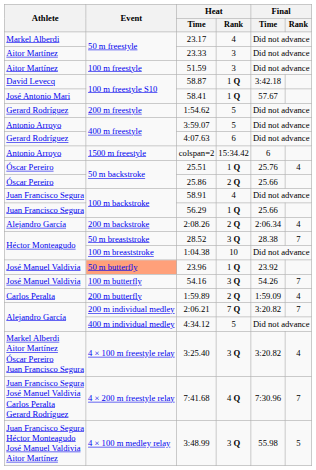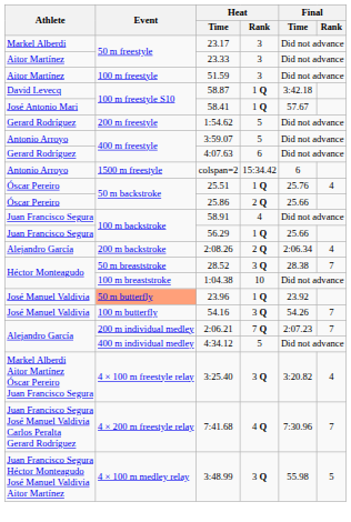 <table class=wikitable style="font-size:90%">
 <tr>
 <th rowspan="2">Athlete</th>
 <th rowspan="2">Event</th>
 <th colspan="2">Heat</th>
 <th colspan="2">Final</th>
 </tr>
 <tr style="font-size:95%">
 <th>Time</th>
 <th>Rank</th>
 <th>Time</th>
 <th>Rank</th>
 </tr>
 <tr align=center>
 <td align=left><a href='#'>Markel Alberdi</a></td>
 <td align=left rowspan=2><a href='#'>50 m freestyle</a></td>
 <td>23.17</td>
-<td>4</td>
+<td>3</td>
 <td colspan=2>Did not advance</td>
 </tr>
 <tr align=center>
 <td align=left><a href='#'>Aitor Martínez</a></td>
 <td>23.33</td>
 <td>3</td>
 <td colspan=2>Did not advance</td>
 </tr>
 <tr align=center>
 <td align=left><a href='#'>Aitor Martínez</a></td>
 <td align=left><a href='#'>100 m freestyle</a></td>
 <td>51.59</td>
 <td>3</td>
 <td colspan=2>Did not advance</td>
 </tr>
 <tr align=center>
 <td align=left><a href='#'>David Levecq</a></td>
 <td align=left rowspan=2><a href='#'>100 m freestyle S10</a></td>
 <td>58.87</td>
 <td>1 <strong>Q</strong></td>
 <td>3:42.18</td>
 <td></td>
 </tr>
 <tr align=center>
 <td align=left><a href='#'>José Antonio Mari</a></td>
 <td>58.41</td>
 <td>1 <strong>Q</strong></td>
 <td>57.67</td>
 <td></td>
 </tr>
 <tr align=center>
 <td align=left><a href='#'>Gerard Rodríguez</a></td>
 <td align=left><a href='#'>200 m freestyle</a></td>
 <td>1:54.62</td>
 <td>5</td>
 <td colspan=2>Did not advance</td>
 </tr>
 <tr align=center>
 <td align=left><a href='#'>Antonio Arroyo</a></td>
 <td align=left rowspan=2><a href='#'>400 m freestyle</a></td>
 <td>3:59.07</td>
 <td>5</td>
 <td colspan=2>Did not advance</td>
 </tr>
 <tr align=center>
 <td align=left><a href='#'>Gerard Rodríguez</a></td>
 <td>4:07.63</td>
 <td>6</td>
 <td colspan=2>Did not advance</td>
 </tr>
 <tr align=center>
 <td align=left><a href='#'>Antonio Arroyo</a></td>
 <td align=left><a href='#'>1500 m freestyle</a></td>
 <td>colspan=2 </td>
 <td>15:34.42</td>
 <td>6</td>
 </tr>
 <tr align=center>
 <td align=left><a href='#'>Óscar Pereiro</a></td>
 <td align=left rowspan=2><a href='#'>50 m backstroke</a></td>
 <td>25.51</td>
 <td>1 <strong>Q</strong></td>
 <td>25.76</td>
 <td>4</td>
 </tr>
 <tr align=center>
 <td align=left><a href='#'>Óscar Pereiro</a></td>
 <td>25.86</td>
 <td>2 <strong>Q</strong></td>
 <td>25.66</td>
 <td></td>
 </tr>
 <tr align=center>
 <td align=left><a href='#'>Juan Francisco Segura</a></td>
 <td align=left rowspan=2><a href='#'>100 m backstroke</a></td>
 <td>58.91</td>
 <td>4</td>
 <td colspan=2>Did not advance</td>
 </tr>
 <tr align=center>
 <td align=left><a href='#'>Juan Francisco Segura</a></td>
 <td>56.29</td>
 <td>1 <strong>Q</strong></td>
 <td>25.66</td>
 <td></td>
 </tr>
 <tr align=center>
 <td align=left><a href='#'>Alejandro García</a></td>
 <td align=left><a href='#'>200 m backstroke</a></td>
 <td>2:08.26</td>
 <td>2 <strong>Q</strong></td>
 <td>2:06.34</td>
 <td>4</td>
 </tr>
 <tr align=center>
 <td align=left rowspan=2><a href='#'>Héctor Monteagudo</a></td>
 <td align=left><a href='#'>50 m breaststroke</a></td>
 <td>28.52</td>
 <td>3 <strong>Q</strong></td>
 <td>28.38</td>
 <td>7</td>
 </tr>
 <tr align=center>
 <td align=left><a href='#'>100 m breaststroke</a></td>
 <td>1:04.38</td>
 <td>10</td>
 <td colspan=2>Did not advance</td>
 </tr>
 <tr align=center>
 <td align=left><a href='#'>José Manuel Valdivia</a></td>
 <td align=left style="background: lightsalmon;"><a href='#'>50 m butterfly</a></td>
 <td>23.96</td>
 <td>1 <strong>Q</strong></td>
 <td>23.92</td>
 <td></td>
 </tr>
 <tr align=center>
 <td align=left><a href='#'>José Manuel Valdivia</a></td>
 <td align=left><a href='#'>100 m butterfly</a></td>
 <td>54.16</td>
 <td>3 <strong>Q</strong></td>
 <td>54.26</td>
 <td>7</td>
 </tr>
 <tr align=center>
-<td align=left><a href='#'>Carlos Peralta</a></td>
-<td align=left><a href='#'>200 m butterfly</a></td>
-<td>1:59.89</td>
-<td>2 <strong>Q</strong></td>
-<td>1:59.09</td>
-<td>4</td>
-</tr>
-<tr align=center>
 <td align=left rowspan=2><a href='#'>Alejandro García</a></td>
 <td align=left><a href='#'>200 m individual medley</a></td>
 <td>2:06.21</td>
 <td>7 <strong>Q</strong></td>
-<td>3:20.82</td>
+<td>2:07.23</td>
 <td>7</td>
 </tr>
 <tr align=center>
 <td align=left><a href='#'>400 m individual medley</a></td>
 <td>4:34.12</td>
 <td>5</td>
 <td colspan=2>Did not advance</td>
 </tr>
 <tr align=center>
 <td align=left><a href='#'>Markel Alberdi</a><br><a href='#'>Aitor Martínez</a><br><a href='#'>Óscar Pereiro</a><br><a href='#'>Juan Francisco Segura</a></td>
 <td align=left><a href='#'>4 × 100 m freestyle relay</a></td>
 <td>3:25.40</td>
 <td>3 <strong>Q</strong></td>
 <td>3:20.82</td>
 <td>4</td>
 </tr>
 <tr align=center>
 <td align=left><a href='#'>Juan Francisco Segura</a><br><a href='#'>José Manuel Valdivia</a><br><a href='#'>Carlos Peralta</a><br><a href='#'>Gerard Rodríguez</a></td>
 <td align=left><a href='#'>4 × 200 m freestyle relay</a></td>
 <td>7:41.68</td>
 <td>4 <strong>Q</strong></td>
 <td>7:30.96</td>
 <td>7</td>
 </tr>
 <tr align=center>
 <td align=left><a href='#'>Juan Francisco Segura</a><br><a href='#'>Héctor Monteagudo</a><br><a href='#'>José Manuel Valdivia</a><br><a href='#'>Aitor Martínez</a></td>
 <td align=left><a href='#'>4 × 100 m medley relay</a></td>
 <td>3:48.99</td>
 <td>3 <strong>Q</strong></td>
 <td>55.98</td>
 <td>5</td>
 </tr>
 </table>
